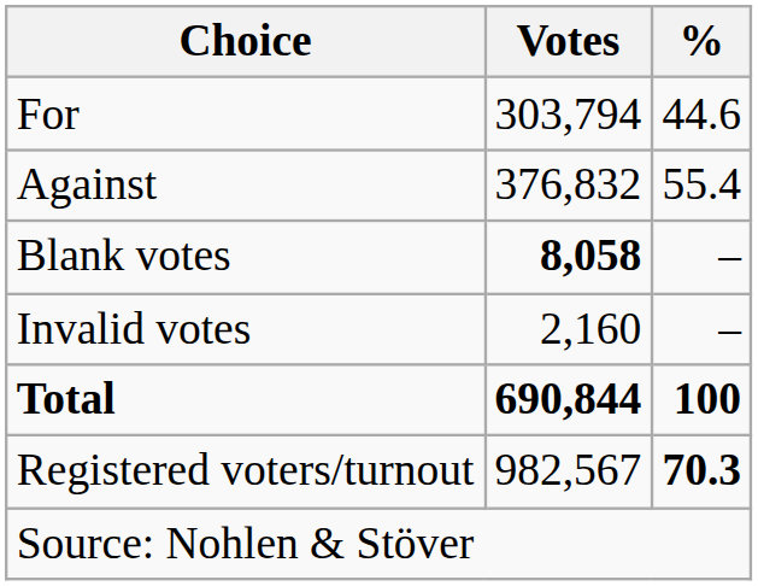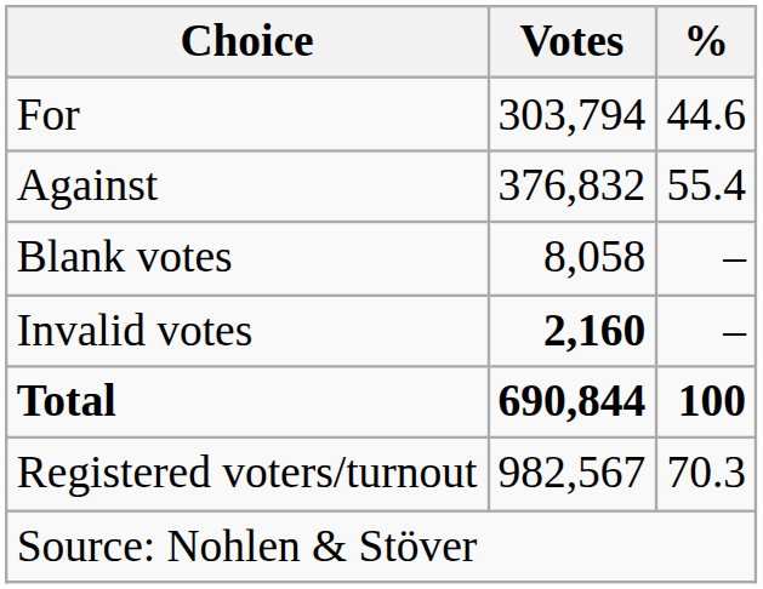 <table class=wikitable style=text-align:right>
 <tr>
 <th>Choice</th>
 <th>Votes</th>
 <th>%</th>
 </tr>
 <tr>
 <td align=left>For</td>
 <td>303,794</td>
 <td>44.6</td>
 </tr>
 <tr>
 <td align=left>Against</td>
 <td>376,832</td>
 <td>55.4</td>
 </tr>
 <tr>
 <td align=left>Blank votes</td>
-<td><strong>8,058</strong></td>
+<td>8,058</td>
 <td>–</td>
 </tr>
 <tr>
 <td align=left>Invalid votes</td>
-<td>2,160</td>
+<td><strong>2,160</strong></td>
 <td>–</td>
 </tr>
 <tr>
 <td align=left><strong>Total</strong></td>
 <td><strong>690,844</strong></td>
 <td><strong>100</strong></td>
 </tr>
 <tr>
 <td align=left>Registered voters/turnout</td>
 <td>982,567</td>
-<td><strong>70.3</strong></td>
+<td>70.3</td>
 </tr>
 <tr>
 <td align=left colspan=3>Source: Nohlen & Stöver</td>
 </tr>
 </table>
